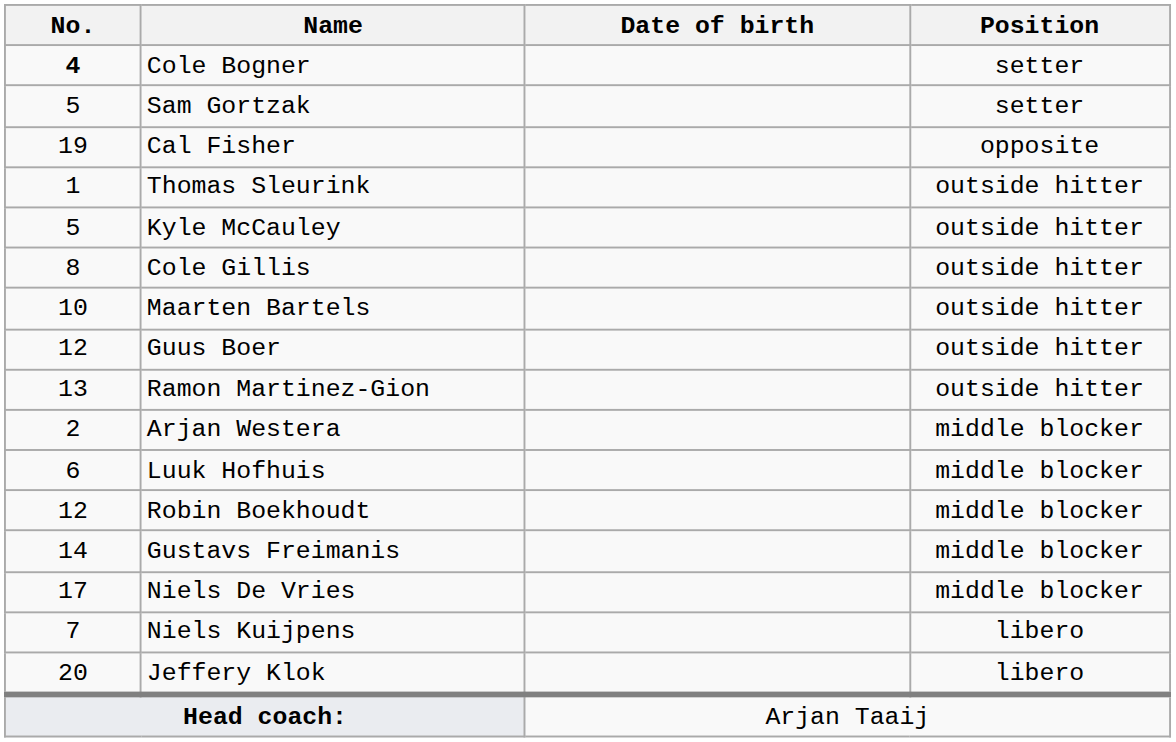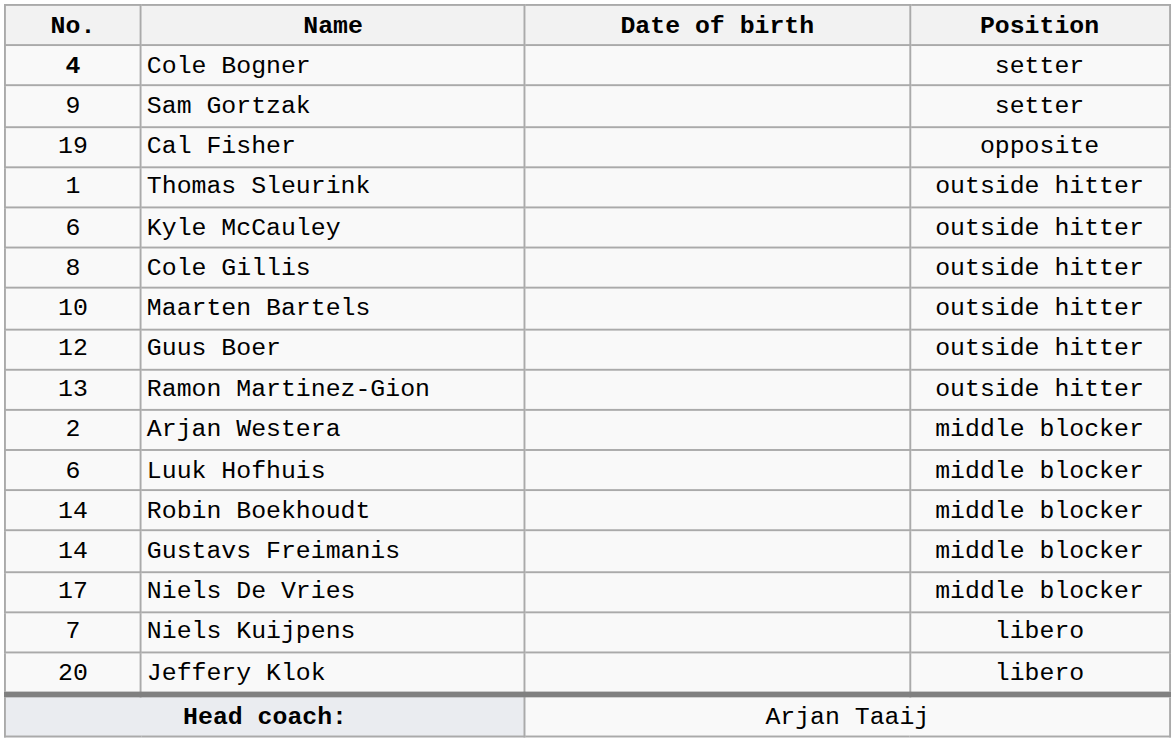 <table class="wikitable sortable" style="font-size:100%; text-align:center;">
 <tr>
 <th style="width:5em">No.</th>
 <th style="width:15em">Name</th>
 <th style="width:15em">Date of birth</th>
 <th style="width:10em">Position</th>
 </tr>
 <tr>
 <td><strong>4</strong></td>
 <td align=left> Cole Bogner</td>
 <td align=right></td>
 <td>setter</td>
 </tr>
 <tr>
-<td>5</td>
+<td>9</td>
 <td align=left> Sam Gortzak</td>
 <td align=right></td>
 <td>setter</td>
 </tr>
 <tr>
 <td>19</td>
 <td align=left> Cal Fisher</td>
 <td align=right></td>
 <td>opposite</td>
 </tr>
 <tr>
 <td>1</td>
 <td align=left> Thomas Sleurink</td>
 <td align=right></td>
 <td>outside hitter</td>
 </tr>
 <tr>
-<td>5</td>
+<td>6</td>
 <td align=left> Kyle McCauley</td>
 <td align=right></td>
 <td>outside hitter</td>
 </tr>
 <tr>
 <td>8</td>
 <td align=left> Cole Gillis</td>
 <td align=right></td>
 <td>outside hitter</td>
 </tr>
 <tr>
 <td>10</td>
 <td align=left> Maarten Bartels</td>
 <td align=right></td>
 <td>outside hitter</td>
 </tr>
 <tr>
 <td>12</td>
 <td align=left> Guus Boer</td>
 <td align=right></td>
 <td>outside hitter</td>
 </tr>
 <tr>
 <td>13</td>
 <td align=left> Ramon Martinez-Gion</td>
 <td align=right></td>
 <td>outside hitter</td>
 </tr>
 <tr>
 <td>2</td>
 <td align=left> Arjan Westera</td>
 <td align=right></td>
 <td>middle blocker</td>
 </tr>
 <tr>
 <td>6</td>
 <td align=left> Luuk Hofhuis</td>
 <td align=right></td>
 <td>middle blocker</td>
 </tr>
 <tr>
-<td>12</td>
+<td>14</td>
 <td align=left> Robin Boekhoudt</td>
 <td align=right></td>
 <td>middle blocker</td>
 </tr>
 <tr>
 <td>14</td>
 <td align=left> Gustavs Freimanis</td>
 <td align=right></td>
 <td>middle blocker</td>
 </tr>
 <tr>
 <td>17</td>
 <td align=left> Niels De Vries</td>
 <td align=right></td>
 <td>middle blocker</td>
 </tr>
 <tr>
 <td>7</td>
 <td align=left> Niels Kuijpens</td>
 <td align=right></td>
 <td>libero</td>
 </tr>
 <tr>
 <td>20</td>
 <td align=left> Jeffery Klok</td>
 <td align=right></td>
 <td>libero</td>
 </tr>
 <tr class="sortbottom" style="border-top: 3px solid grey">
 <td colspan=2 style="background:#EAECF0"><strong>Head coach:</strong></td>
 <td colspan=3> Arjan Taaij</td>
 </tr>
 </table>
